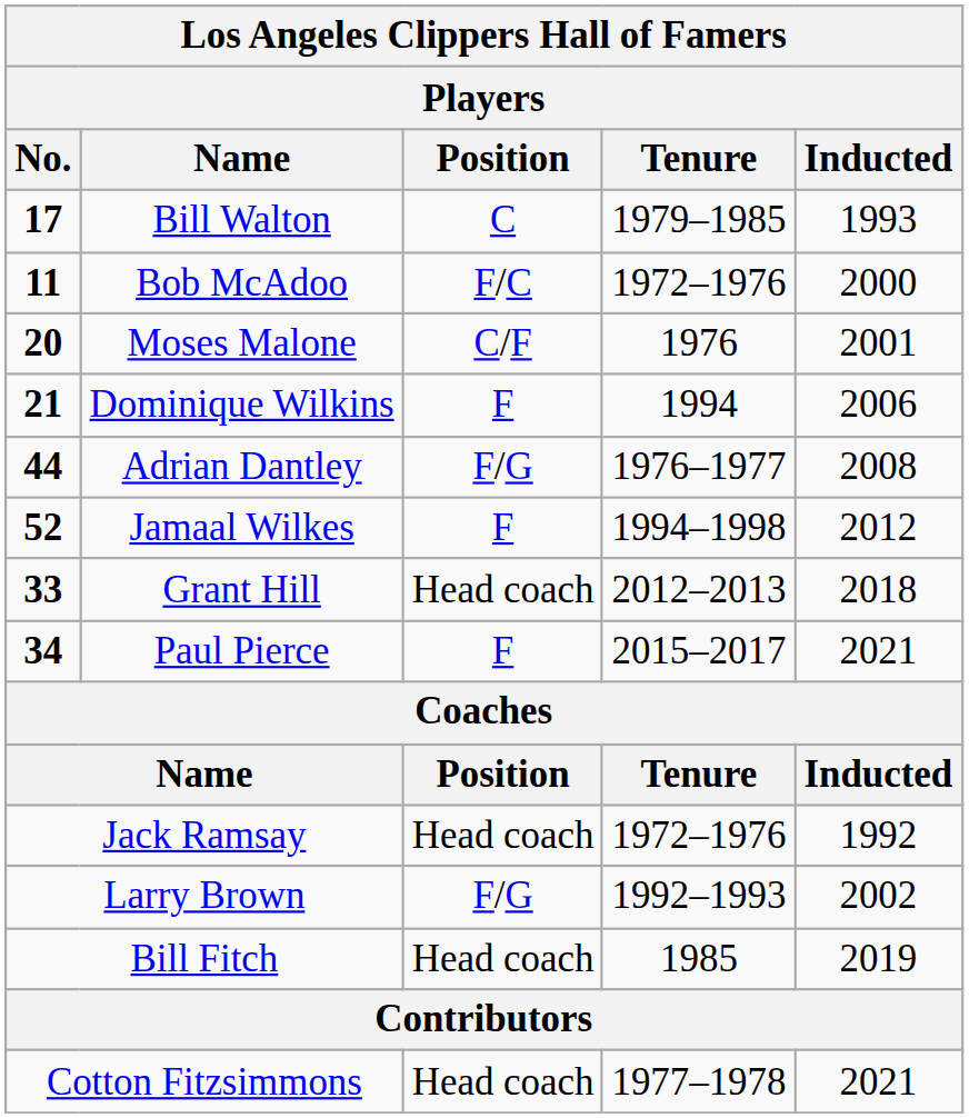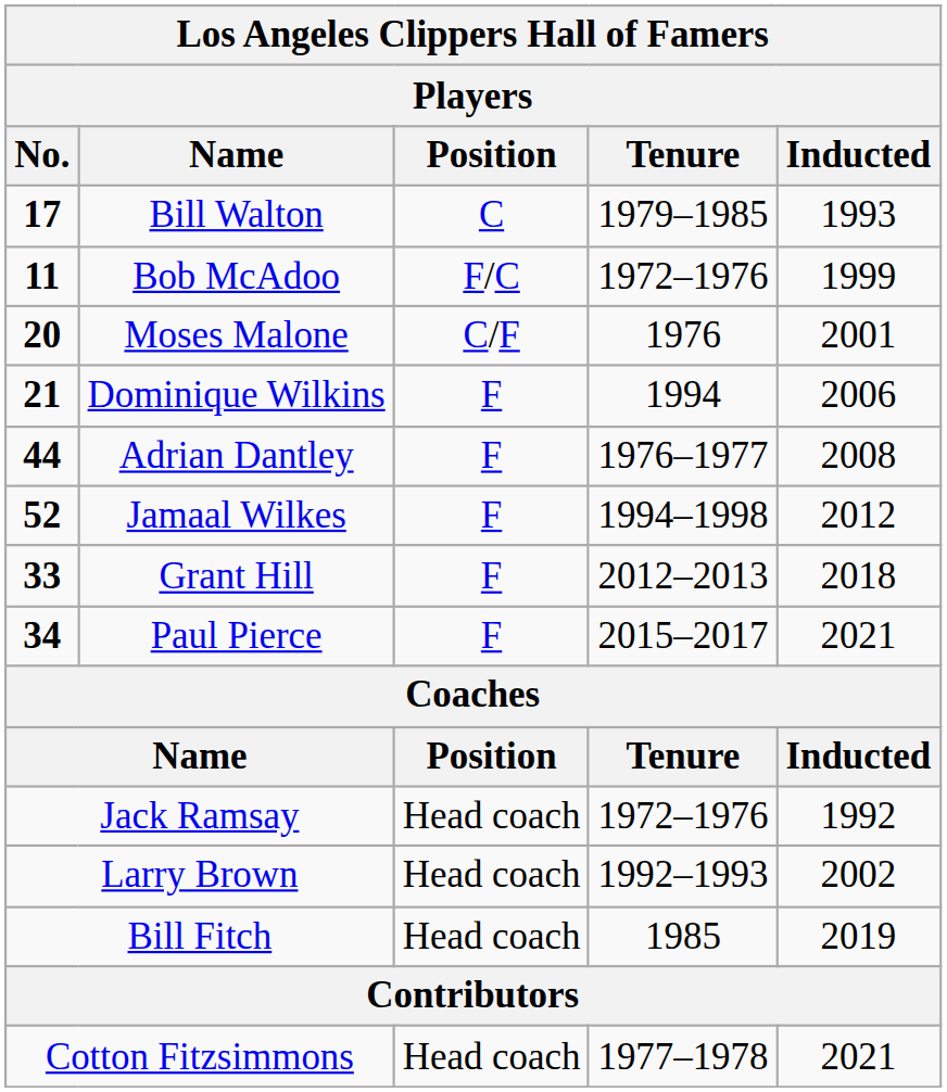 <table class="wikitable" style="text-align:center">
 <tr>
 <th colspan="5">Los Angeles Clippers Hall of Famers</th>
 </tr>
 <tr>
 <th colspan="5" style="text-align:center; ">Players</th>
 </tr>
 <tr>
 <th>No.</th>
 <th>Name</th>
 <th>Position</th>
 <th>Tenure</th>
 <th>Inducted</th>
 </tr>
 <tr>
 <td><strong>17</strong></td>
 <td><a href='#'>Bill Walton</a></td>
 <td><a href='#'>C</a></td>
 <td>1979–1985</td>
 <td>1993</td>
 </tr>
 <tr>
 <td><strong>11</strong></td>
 <td><a href='#'>Bob McAdoo</a></td>
 <td><a href='#'>F</a>/<a href='#'>C</a></td>
 <td>1972–1976</td>
-<td>2000</td>
+<td>1999</td>
 </tr>
 <tr>
 <td><strong>20</strong></td>
 <td><a href='#'>Moses Malone</a></td>
 <td><a href='#'>C</a>/<a href='#'>F</a></td>
 <td>1976</td>
 <td>2001</td>
 </tr>
 <tr>
 <td><strong>21</strong></td>
 <td><a href='#'>Dominique Wilkins</a></td>
 <td><a href='#'>F</a></td>
 <td>1994</td>
 <td>2006</td>
 </tr>
 <tr>
 <td><strong>44</strong></td>
 <td><a href='#'>Adrian Dantley</a></td>
-<td><a href='#'>F</a>/<a href='#'>G</a></td>
+<td><a href='#'>F</a></td>
 <td>1976–1977</td>
 <td>2008</td>
 </tr>
 <tr>
 <td><strong>52</strong></td>
 <td><a href='#'>Jamaal Wilkes</a></td>
 <td><a href='#'>F</a></td>
 <td>1994–1998</td>
 <td>2012</td>
 </tr>
 <tr>
 <td><strong>33</strong></td>
 <td><a href='#'>Grant Hill</a></td>
-<td>Head coach</td>
+<td><a href='#'>F</a></td>
 <td>2012–2013</td>
 <td>2018</td>
 </tr>
 <tr>
 <td><strong>34</strong></td>
 <td><a href='#'>Paul Pierce</a></td>
 <td><a href='#'>F</a></td>
 <td>2015–2017</td>
 <td>2021</td>
 </tr>
 <tr>
 <th colspan="5" style="text-align:center; ">Coaches</th>
 </tr>
 <tr>
 <th colspan="2">Name</th>
 <th>Position</th>
 <th>Tenure</th>
 <th>Inducted</th>
 </tr>
 <tr>
 <td colspan="2"><a href='#'>Jack Ramsay</a></td>
 <td>Head coach</td>
 <td>1972–1976</td>
 <td>1992</td>
 </tr>
 <tr>
 <td colspan="2"><a href='#'>Larry Brown</a></td>
-<td><a href='#'>F</a>/<a href='#'>G</a></td>
+<td>Head coach</td>
 <td>1992–1993</td>
 <td>2002</td>
 </tr>
 <tr>
 <td colspan="2"><a href='#'>Bill Fitch</a></td>
 <td>Head coach</td>
 <td>1985</td>
 <td>2019</td>
 </tr>
 <tr>
 <th colspan="5" style="text-align:center; ">Contributors</th>
 </tr>
 <tr>
 <td colspan="2"><a href='#'>Cotton Fitzsimmons</a></td>
 <td>Head coach</td>
 <td>1977–1978</td>
 <td>2021</td>
 </tr>
 </table>
